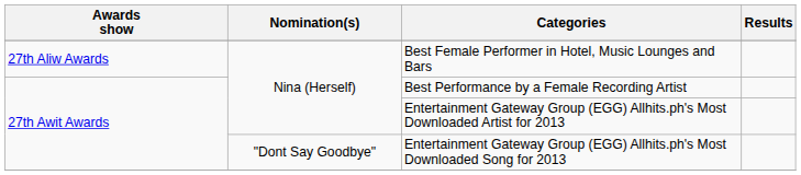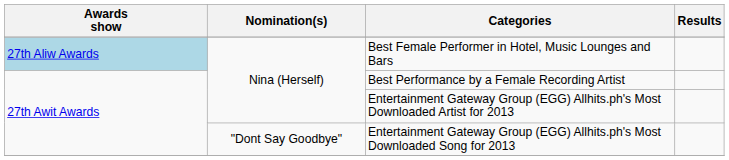 <table class="wikitable">
 <tr>
 <th width="260">Awards<br>show</th>
 <th width="200">Nomination(s)</th>
 <th width="400">Categories</th>
 <th>Results</th>
 </tr>
 <tr>
 </tr>
 <tr>
-<td><a href='#'>27th Aliw Awards</a></td>
+<td style="background: lightblue;"><a href='#'>27th Aliw Awards</a></td>
 <td rowspan="3" align="center">Nina (Herself)</td>
 <td>Best Female Performer in Hotel, Music Lounges and Bars</td>
 <td></td>
 </tr>
 <tr>
 <td rowspan="3"><a href='#'>27th Awit Awards</a></td>
 <td>Best Performance by a Female Recording Artist</td>
 <td></td>
 </tr>
 <tr>
 <td>Entertainment Gateway Group (EGG) Allhits.ph's Most Downloaded Artist for 2013</td>
 <td></td>
 </tr>
 <tr>
 <td align="center">"Dont Say Goodbye"</td>
 <td>Entertainment Gateway Group (EGG) Allhits.ph's Most Downloaded Song for 2013</td>
 <td></td>
 </tr>
 <tr>
 </tr>
 </table>
